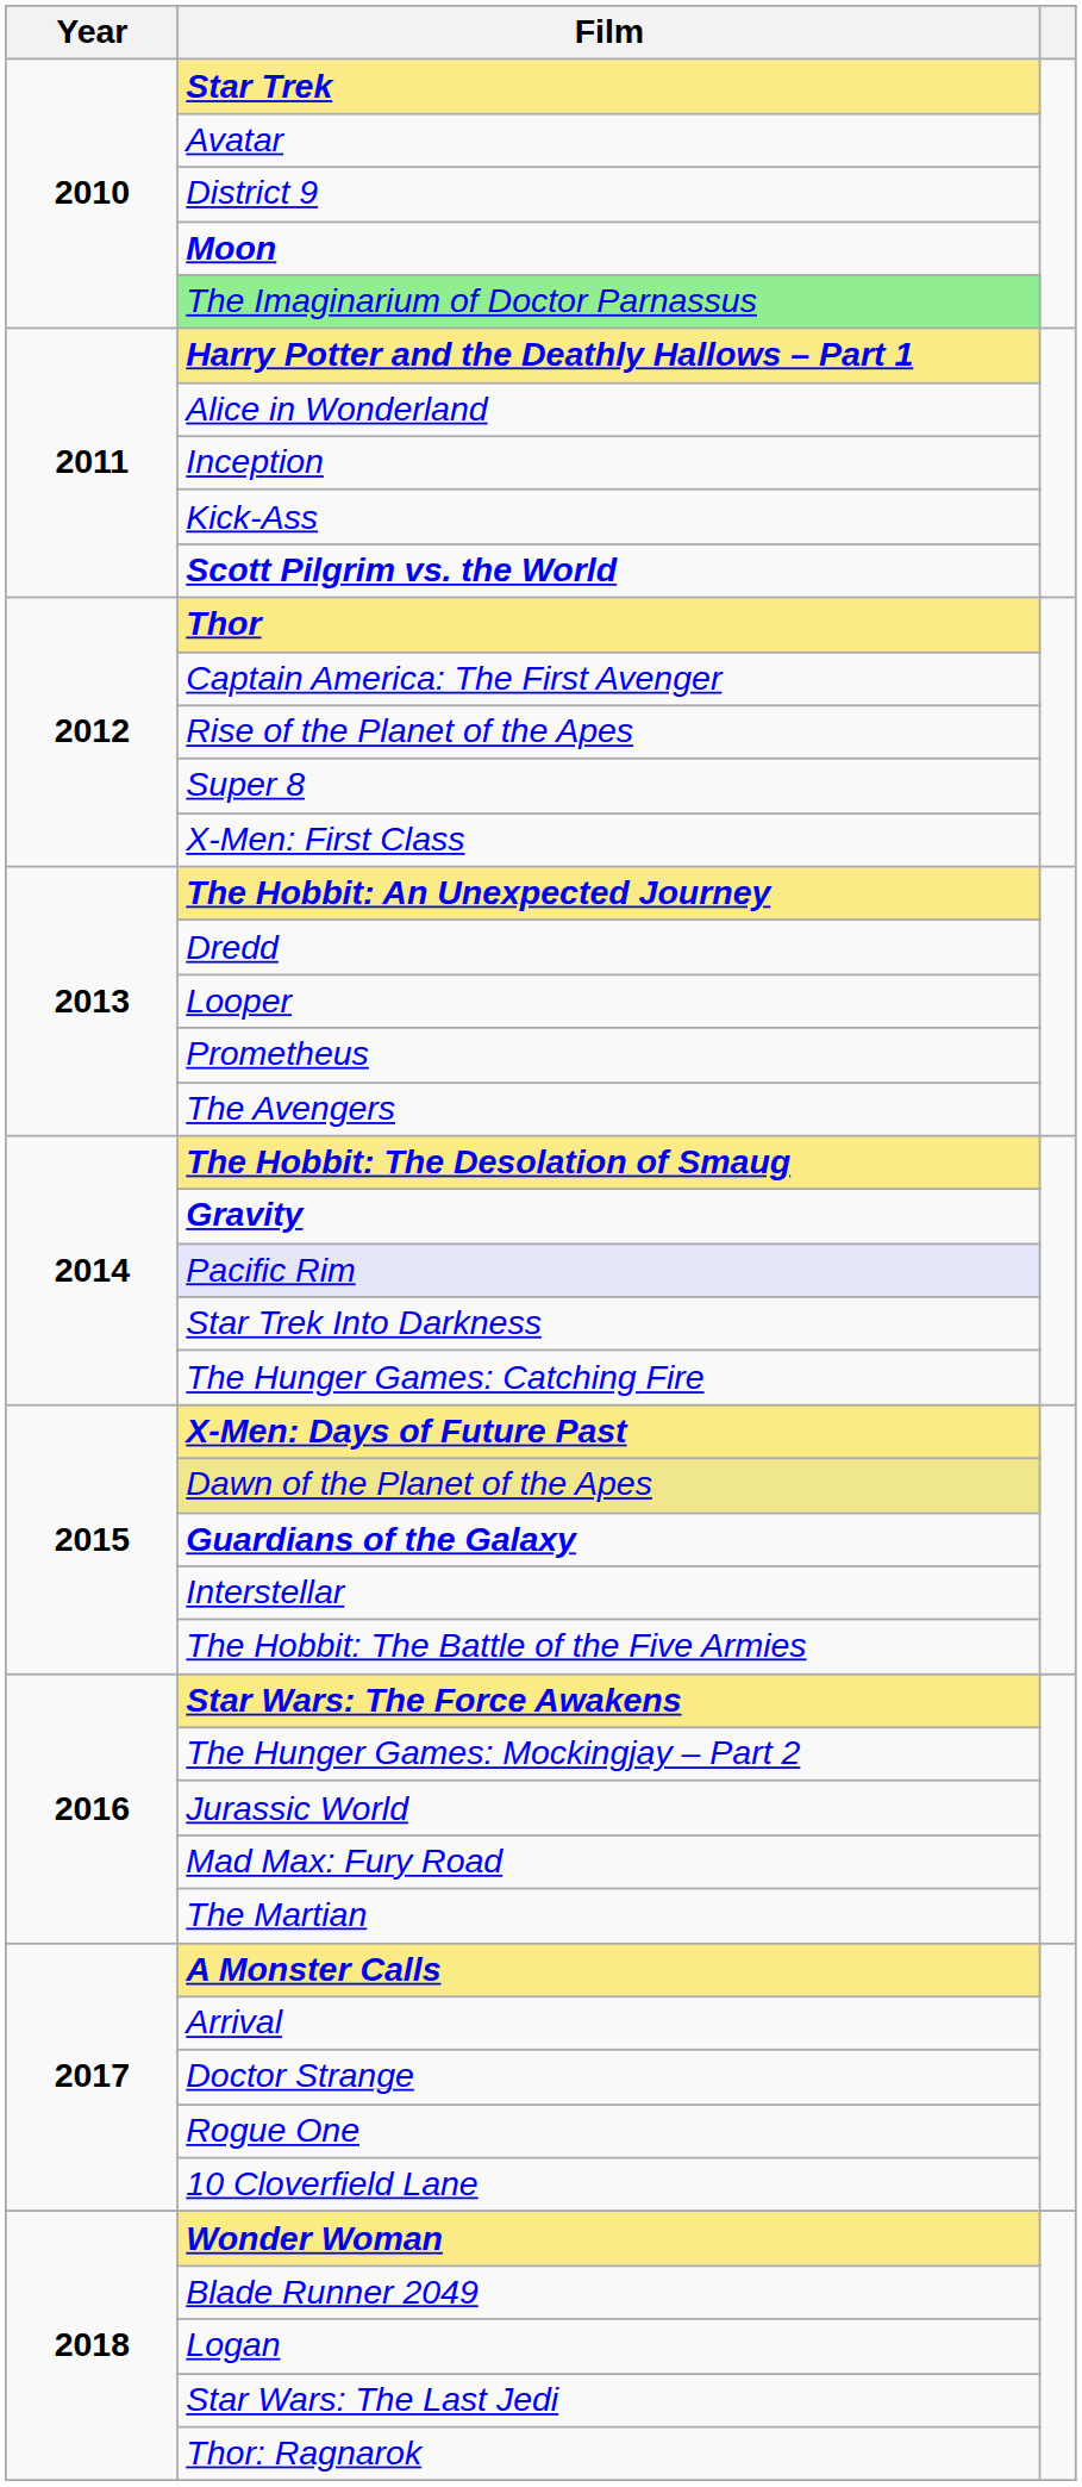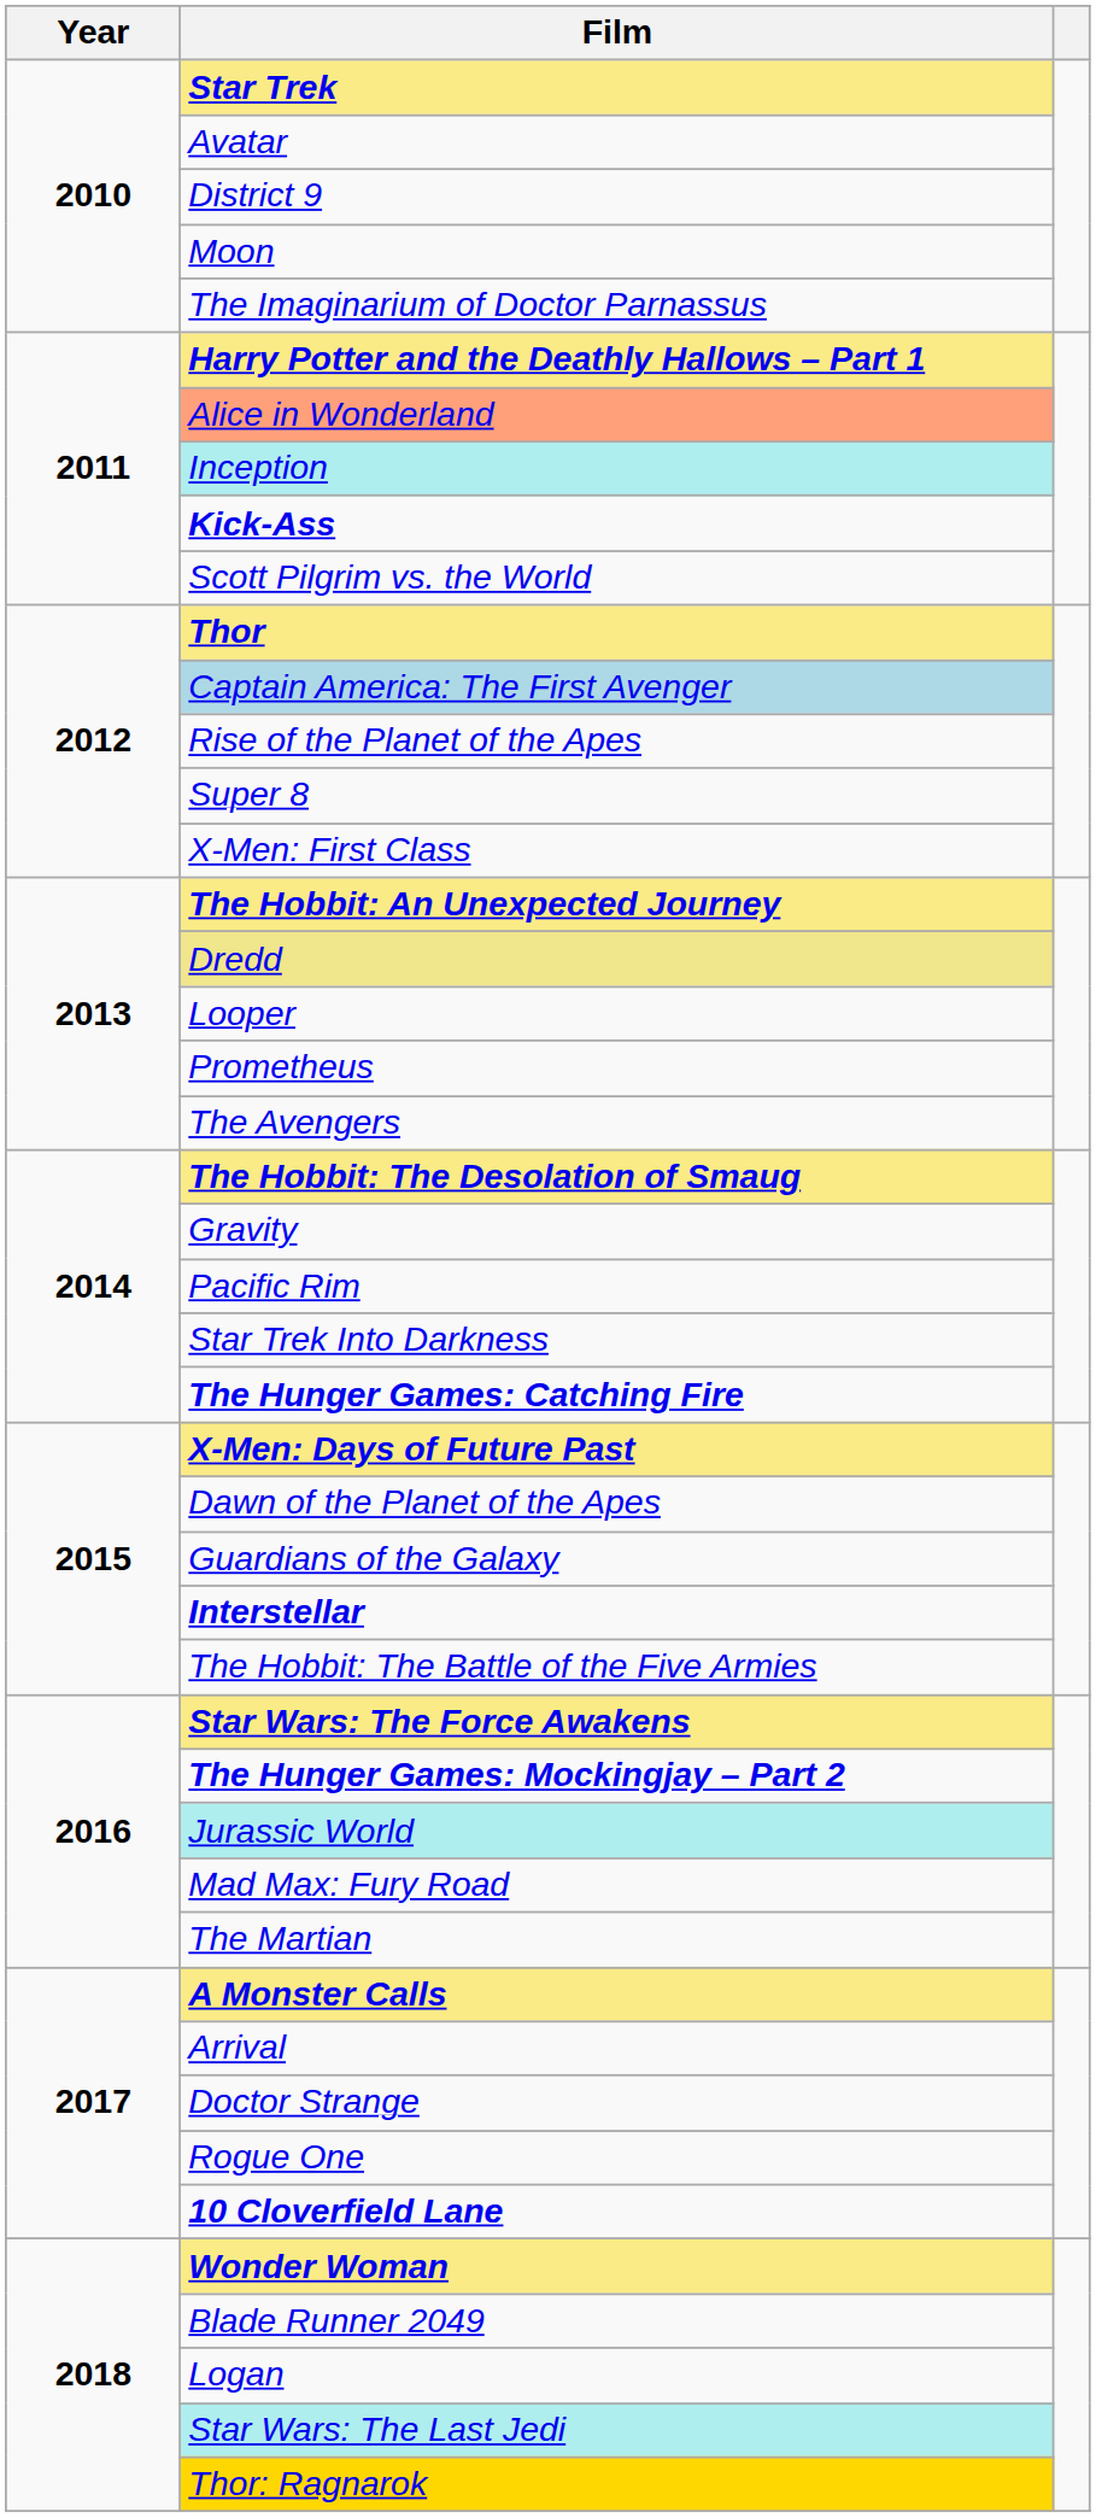 <table class="wikitable" style="width:40%;">
 <tr>
 <th style="width:10%;">Year</th>
 <th style="width:50%;">Film</th>
 <th style="width:2%;"></th>
 </tr>
 <tr>
 <td rowspan="5" style="text-align:center"><strong>2010<br> </strong></td>
 <td style="background:#FAEB86"><strong><em><a href='#'>Star Trek</a></em></strong></td>
 <td rowspan="5" style="text-align:center"></td>
 </tr>
 <tr>
 <td><em><a href='#'>Avatar</a></em></td>
 </tr>
 <tr>
 <td><em><a href='#'>District 9</a></em></td>
 </tr>
 <tr>
-<td><strong><em><a href='#'>Moon</a></em></strong></td>
+<td><em><a href='#'>Moon</a></em></td>
 </tr>
 <tr>
-<td style="background: lightgreen;"><em><a href='#'>The Imaginarium of Doctor Parnassus</a></em></td>
+<td><em><a href='#'>The Imaginarium of Doctor Parnassus</a></em></td>
 </tr>
 <tr>
 <td rowspan="5" style="text-align:center"><strong>2011<br> </strong></td>
 <td style="background:#FAEB86"><strong><em><a href='#'>Harry Potter and the Deathly Hallows – Part 1</a></em></strong></td>
 <td rowspan="5" style="text-align:center"></td>
 </tr>
 <tr>
-<td><em><a href='#'>Alice in Wonderland</a></em></td>
+<td style="background: lightsalmon;"><em><a href='#'>Alice in Wonderland</a></em></td>
 </tr>
 <tr>
-<td><em><a href='#'>Inception</a></em></td>
+<td style="background: paleturquoise;"><em><a href='#'>Inception</a></em></td>
 </tr>
 <tr>
-<td><em><a href='#'>Kick-Ass</a></em></td>
+<td><strong><em><a href='#'>Kick-Ass</a></em></strong></td>
 </tr>
 <tr>
-<td><strong><em><a href='#'>Scott Pilgrim vs. the World</a></em></strong></td>
+<td><em><a href='#'>Scott Pilgrim vs. the World</a></em></td>
 </tr>
 <tr>
 <td rowspan="5" style="text-align:center"><strong>2012<br> </strong></td>
 <td style="background:#FAEB86"><strong><em><a href='#'>Thor</a></em></strong></td>
 <td rowspan="5" style="text-align:center"></td>
 </tr>
 <tr>
-<td><em><a href='#'>Captain America: The First Avenger</a></em></td>
+<td style="background: lightblue;"><em><a href='#'>Captain America: The First Avenger</a></em></td>
 </tr>
 <tr>
 <td><em><a href='#'>Rise of the Planet of the Apes</a></em></td>
 </tr>
 <tr>
 <td><em><a href='#'>Super 8</a></em></td>
 </tr>
 <tr>
 <td><em><a href='#'>X-Men: First Class</a></em></td>
 </tr>
 <tr>
 <td rowspan="5" style="text-align:center"><strong>2013<br> </strong></td>
 <td style="background:#FAEB86"><strong><em><a href='#'>The Hobbit: An Unexpected Journey</a></em></strong></td>
 <td rowspan="5" style="text-align:center"></td>
 </tr>
 <tr>
-<td><em><a href='#'>Dredd</a></em></td>
+<td style="background: khaki;"><em><a href='#'>Dredd</a></em></td>
 </tr>
 <tr>
 <td><em><a href='#'>Looper</a></em></td>
 </tr>
 <tr>
 <td><em><a href='#'>Prometheus</a></em></td>
 </tr>
 <tr>
 <td><em><a href='#'>The Avengers</a></em></td>
 </tr>
 <tr>
 <td rowspan="5" style="text-align:center"><strong>2014<br> </strong></td>
 <td style="background:#FAEB86"><strong><em><a href='#'>The Hobbit: The Desolation of Smaug</a></em></strong></td>
 <td rowspan="5" style="text-align:center"></td>
 </tr>
 <tr>
-<td><strong><em><a href='#'>Gravity</a></em></strong></td>
+<td><em><a href='#'>Gravity</a></em></td>
 </tr>
 <tr>
-<td style="background: lavender;"><em><a href='#'>Pacific Rim</a></em></td>
+<td><em><a href='#'>Pacific Rim</a></em></td>
 </tr>
 <tr>
 <td><em><a href='#'>Star Trek Into Darkness</a></em></td>
 </tr>
 <tr>
-<td><em><a href='#'>The Hunger Games: Catching Fire</a></em></td>
+<td><strong><em><a href='#'>The Hunger Games: Catching Fire</a></em></strong></td>
 </tr>
 <tr>
 <td rowspan="5" style="text-align:center"><strong>2015<br> </strong></td>
 <td style="background:#FAEB86"><strong><em><a href='#'>X-Men: Days of Future Past</a></em></strong></td>
 <td rowspan="5" style="text-align:center"></td>
 </tr>
 <tr>
-<td style="background: khaki;"><em><a href='#'>Dawn of the Planet of the Apes</a></em></td>
+<td><em><a href='#'>Dawn of the Planet of the Apes</a></em></td>
 </tr>
 <tr>
-<td><strong><em><a href='#'>Guardians of the Galaxy</a></em></strong></td>
+<td><em><a href='#'>Guardians of the Galaxy</a></em></td>
 </tr>
 <tr>
-<td><em><a href='#'>Interstellar</a></em></td>
+<td><strong><em><a href='#'>Interstellar</a></em></strong></td>
 </tr>
 <tr>
 <td><em><a href='#'>The Hobbit: The Battle of the Five Armies</a></em></td>
 </tr>
 <tr>
 <td rowspan="5" style="text-align:center"><strong>2016<br> </strong></td>
 <td style="background:#FAEB86"><strong><em><a href='#'>Star Wars: The Force Awakens</a></em></strong></td>
 <td rowspan="5" style="text-align:center"></td>
 </tr>
 <tr>
-<td><em><a href='#'>The Hunger Games: Mockingjay – Part 2</a></em></td>
+<td><strong><em><a href='#'>The Hunger Games: Mockingjay – Part 2</a></em></strong></td>
 </tr>
 <tr>
-<td><em><a href='#'>Jurassic World</a></em></td>
+<td style="background: paleturquoise;"><em><a href='#'>Jurassic World</a></em></td>
 </tr>
 <tr>
 <td><em><a href='#'>Mad Max: Fury Road</a></em></td>
 </tr>
 <tr>
 <td><em><a href='#'>The Martian</a></em></td>
 </tr>
 <tr>
 <td rowspan="5" style="text-align:center"><strong>2017<br> </strong></td>
 <td style="background:#FAEB86"><strong><em><a href='#'>A Monster Calls</a></em></strong></td>
 <td rowspan="5" style="text-align:center"></td>
 </tr>
 <tr>
 <td><em><a href='#'>Arrival</a></em></td>
 </tr>
 <tr>
 <td><em><a href='#'>Doctor Strange</a></em></td>
 </tr>
 <tr>
 <td><em><a href='#'>Rogue One</a></em></td>
 </tr>
 <tr>
-<td><em><a href='#'>10 Cloverfield Lane</a></em></td>
+<td><strong><em><a href='#'>10 Cloverfield Lane</a></em></strong></td>
 </tr>
 <tr>
 <td rowspan="5" style="text-align:center"><strong>2018<br> </strong></td>
 <td style="background:#FAEB86"><strong><em><a href='#'>Wonder Woman</a></em></strong></td>
 <td rowspan="5" style="text-align:center"></td>
 </tr>
 <tr>
 <td><em><a href='#'>Blade Runner 2049</a></em></td>
 </tr>
 <tr>
 <td><em><a href='#'>Logan</a></em></td>
 </tr>
 <tr>
-<td><em><a href='#'>Star Wars: The Last Jedi</a></em></td>
+<td style="background: paleturquoise;"><em><a href='#'>Star Wars: The Last Jedi</a></em></td>
 </tr>
 <tr>
-<td><em><a href='#'>Thor: Ragnarok</a></em></td>
+<td style="background: gold;"><em><a href='#'>Thor: Ragnarok</a></em></td>
 </tr>
 </table>
